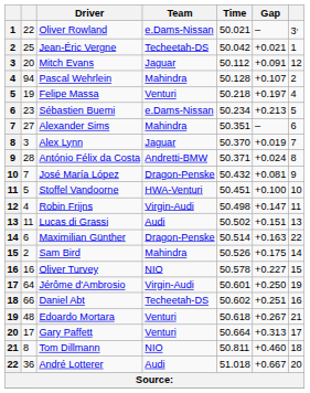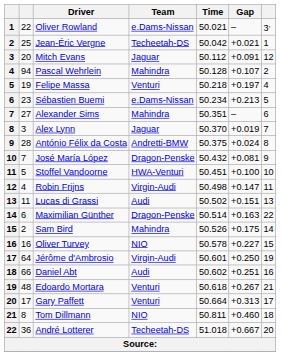 <table class="wikitable" style="font-size: 85%">
 <tr>
 <th scope="col"></th>
 <th scope="col"></th>
 <th scope="col">Driver</th>
 <th scope="col">Team</th>
 <th scope="col">Time</th>
 <th scope="col">Gap</th>
 <th scope="col"></th>
 </tr>
 <tr>
 <th scope="row">1</th>
 <td>22</td>
 <td> <a href='#'>Oliver Rowland</a></td>
 <td><a href='#'>e.Dams-Nissan</a></td>
 <td>50.021</td>
 <td>–</td>
 <td>3<sup>,</sup></td>
 </tr>
 <tr>
 <th scope="row">2</th>
 <td>25</td>
 <td> <a href='#'>Jean-Éric Vergne</a></td>
 <td><a href='#'>Techeetah-DS</a></td>
 <td>50.042</td>
 <td>+0.021</td>
 <td>1</td>
 </tr>
 <tr>
 <th scope="row">3</th>
 <td>20</td>
 <td> <a href='#'>Mitch Evans</a></td>
 <td><a href='#'>Jaguar</a></td>
 <td>50.112</td>
 <td>+0.091</td>
 <td>12</td>
 </tr>
 <tr>
 <th scope="row">4</th>
 <td>94</td>
 <td> <a href='#'>Pascal Wehrlein</a></td>
 <td><a href='#'>Mahindra</a></td>
 <td>50.128</td>
 <td>+0.107</td>
 <td>2</td>
 </tr>
 <tr>
 <th scope="row">5</th>
 <td>19</td>
 <td> <a href='#'>Felipe Massa</a></td>
 <td><a href='#'>Venturi</a></td>
 <td>50.218</td>
 <td>+0.197</td>
 <td>4</td>
 </tr>
 <tr>
 <th scope="row">6</th>
 <td>23</td>
 <td> <a href='#'>Sébastien Buemi</a></td>
 <td><a href='#'>e.Dams-Nissan</a></td>
 <td>50.234</td>
 <td>+0.213</td>
 <td>5</td>
 </tr>
 <tr>
 <th scope="row">7</th>
 <td>27</td>
 <td> <a href='#'>Alexander Sims</a></td>
 <td><a href='#'>Mahindra</a></td>
 <td>50.351</td>
 <td>–</td>
 <td>6</td>
 </tr>
 <tr>
 <th scope="row">8</th>
 <td>3</td>
 <td> <a href='#'>Alex Lynn</a></td>
 <td><a href='#'>Jaguar</a></td>
 <td>50.370</td>
 <td>+0.019</td>
 <td>7</td>
 </tr>
 <tr>
 <th scope="row">9</th>
 <td>28</td>
 <td> <a href='#'>António Félix da Costa</a></td>
 <td><a href='#'>Andretti-BMW</a></td>
-<td>50.371</td>
+<td>50.375</td>
 <td>+0.024</td>
 <td>8</td>
 </tr>
 <tr>
 <th scope="row">10</th>
 <td>7</td>
 <td> <a href='#'>José María López</a></td>
 <td><a href='#'>Dragon-Penske</a></td>
 <td>50.432</td>
 <td>+0.081</td>
 <td>9</td>
 </tr>
 <tr>
 <th scope="row">11</th>
 <td>5</td>
 <td> <a href='#'>Stoffel Vandoorne</a></td>
 <td><a href='#'>HWA-Venturi</a></td>
 <td>50.451</td>
 <td>+0.100</td>
 <td>10</td>
 </tr>
 <tr>
 <th scope="row">12</th>
 <td>4</td>
 <td> <a href='#'>Robin Frijns</a></td>
 <td><a href='#'>Virgin-Audi</a></td>
 <td>50.498</td>
 <td>+0.147</td>
 <td>11</td>
 </tr>
 <tr>
 <th scope="row">13</th>
 <td>11</td>
 <td> <a href='#'>Lucas di Grassi</a></td>
 <td><a href='#'>Audi</a></td>
 <td>50.502</td>
 <td>+0.151</td>
 <td>13</td>
 </tr>
 <tr>
 <th scope="row">14</th>
 <td>6</td>
 <td> <a href='#'>Maximilian Günther</a></td>
 <td><a href='#'>Dragon-Penske</a></td>
 <td>50.514</td>
 <td>+0.163</td>
 <td>22</td>
 </tr>
 <tr>
 <th scope="row">15</th>
 <td>2</td>
 <td> <a href='#'>Sam Bird</a></td>
 <td><a href='#'>Mahindra</a></td>
 <td>50.526</td>
 <td>+0.175</td>
 <td>14</td>
 </tr>
 <tr>
 <th scope="row">16</th>
 <td>16</td>
 <td> <a href='#'>Oliver Turvey</a></td>
 <td><a href='#'>NIO</a></td>
 <td>50.578</td>
 <td>+0.227</td>
 <td>15</td>
 </tr>
 <tr>
 <th scope="row">17</th>
 <td>64</td>
 <td> <a href='#'>Jérôme d'Ambrosio</a></td>
 <td><a href='#'>Virgin-Audi</a></td>
 <td>50.601</td>
 <td>+0.250</td>
 <td>19</td>
 </tr>
 <tr>
 <th scope="row">18</th>
 <td>66</td>
 <td> <a href='#'>Daniel Abt</a></td>
-<td><a href='#'>Techeetah-DS</a></td>
+<td><a href='#'>Audi</a></td>
 <td>50.602</td>
 <td>+0.251</td>
 <td>16</td>
 </tr>
 <tr>
 <th scope="row">19</th>
 <td>48</td>
 <td> <a href='#'>Edoardo Mortara</a></td>
 <td><a href='#'>Venturi</a></td>
 <td>50.618</td>
 <td>+0.267</td>
 <td>21</td>
 </tr>
 <tr>
 <th scope="row">20</th>
 <td>17</td>
 <td> <a href='#'>Gary Paffett</a></td>
 <td><a href='#'>Venturi</a></td>
 <td>50.664</td>
 <td>+0.313</td>
 <td>17</td>
 </tr>
 <tr>
 <th scope="row">21</th>
 <td>8</td>
 <td> <a href='#'>Tom Dillmann</a></td>
 <td><a href='#'>NIO</a></td>
 <td>50.811</td>
 <td>+0.460</td>
 <td>18</td>
 </tr>
 <tr>
 <th scope="row">22</th>
 <td>36</td>
 <td> <a href='#'>André Lotterer</a></td>
-<td><a href='#'>Audi</a></td>
+<td><a href='#'>Techeetah-DS</a></td>
 <td>51.018</td>
 <td>+0.667</td>
 <td>20</td>
 </tr>
 <tr>
 <th colspan="7">Source:</th>
 </tr>
 <tr>
 </tr>
 </table>
